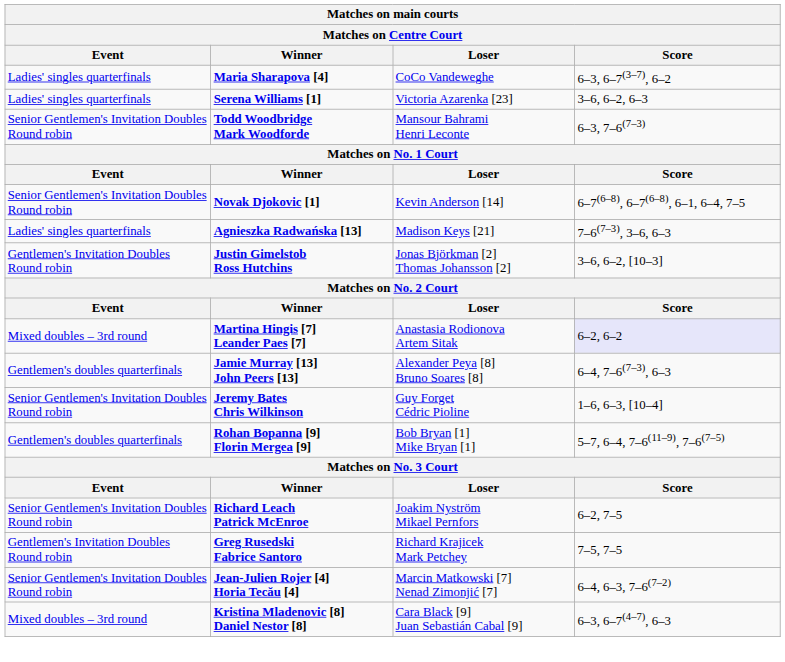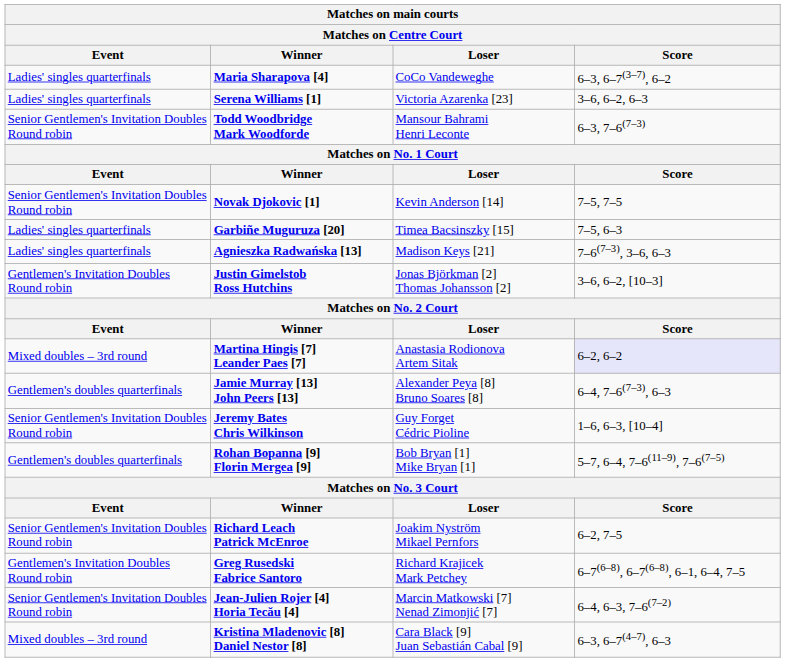 <table class="wikitable collapsible uncollapsed" style="margin:auto;">
 <tr>
 <th colspan="4" style="white-space:nowrap;">Matches on main courts</th>
 </tr>
 <tr>
 <th colspan="4"><strong>Matches on <a href='#'>Centre Court</a></strong></th>
 </tr>
 <tr>
 <th width=250>Event</th>
 <th width=220>Winner</th>
 <th width=220>Loser</th>
 <th width=250>Score</th>
 </tr>
 <tr>
 <td><a href='#'>Ladies' singles quarterfinals</a></td>
 <td><strong> <a href='#'>Maria Sharapova</a> [4]</strong></td>
 <td> <a href='#'>CoCo Vandeweghe</a></td>
 <td>6–3, 6–7<sup>(3–7)</sup>, 6–2</td>
 </tr>
 <tr>
 <td><a href='#'>Ladies' singles quarterfinals</a></td>
 <td><strong> <a href='#'>Serena Williams</a> [1]</strong></td>
 <td> <a href='#'>Victoria Azarenka</a> [23]</td>
 <td>3–6, 6–2, 6–3</td>
 </tr>
 <tr>
 <td><a href='#'>Senior Gentlemen's Invitation Doubles<br> Round robin</a></td>
 <td><strong> <a href='#'>Todd Woodbridge</a> <br>  <a href='#'>Mark Woodforde</a></strong></td>
 <td> <a href='#'>Mansour Bahrami</a> <br>  <a href='#'>Henri Leconte</a></td>
 <td>6–3, 7–6<sup>(7–3)</sup></td>
 </tr>
 <tr>
 <th colspan="4"><strong>Matches on <a href='#'>No. 1 Court</a></strong></th>
 </tr>
 <tr>
 <th width=250>Event</th>
 <th width=220>Winner</th>
 <th width=220>Loser</th>
 <th width=250>Score</th>
 </tr>
 <tr>
 <td><a href='#'>Senior Gentlemen's Invitation Doubles<br> Round robin</a></td>
 <td><strong> <a href='#'>Novak Djokovic</a> [1]</strong></td>
 <td> <a href='#'>Kevin Anderson</a> [14]</td>
-<td>6–7<sup>(6–8)</sup>, 6–7<sup>(6–8)</sup>, 6–1, 6–4, 7–5</td>
+<td>7–5, 7–5</td>
+</tr>
+<tr>
+<td><a href='#'>Ladies' singles quarterfinals</a></td>
+<td><strong> <a href='#'>Garbiñe Muguruza</a> [20]</strong></td>
+<td> <a href='#'>Timea Bacsinszky</a> [15]</td>
+<td>7–5, 6–3</td>
 </tr>
 <tr>
 <td><a href='#'>Ladies' singles quarterfinals</a></td>
 <td><strong> <a href='#'>Agnieszka Radwańska</a> [13]</strong></td>
 <td> <a href='#'>Madison Keys</a> [21]</td>
 <td>7–6<sup>(7–3)</sup>, 3–6, 6–3</td>
 </tr>
 <tr>
 <td><a href='#'>Gentlemen's Invitation Doubles<br> Round robin</a></td>
 <td><strong> <a href='#'>Justin Gimelstob</a> <br>  <a href='#'>Ross Hutchins</a></strong></td>
 <td> <a href='#'>Jonas Björkman</a> [2] <br>  <a href='#'>Thomas Johansson</a> [2]</td>
 <td>3–6, 6–2, [10–3]</td>
 </tr>
 <tr>
 <th colspan="4"><strong>Matches on <a href='#'>No. 2 Court</a></strong></th>
 </tr>
 <tr>
 <th width=250>Event</th>
 <th width=220>Winner</th>
 <th width=220>Loser</th>
 <th width=250>Score</th>
 </tr>
 <tr>
 <td><a href='#'>Mixed doubles – 3rd round</a></td>
 <td><strong> <a href='#'>Martina Hingis</a> [7] <br>  <a href='#'>Leander Paes</a> [7]</strong></td>
 <td> <a href='#'>Anastasia Rodionova</a> <br>  <a href='#'>Artem Sitak</a></td>
 <td style="background: lavender;">6–2, 6–2</td>
 </tr>
 <tr>
 <td><a href='#'>Gentlemen's doubles  quarterfinals</a></td>
 <td><strong> <a href='#'>Jamie Murray</a> [13] <br>  <a href='#'>John Peers</a> [13]</strong></td>
 <td> <a href='#'>Alexander Peya</a> [8] <br>  <a href='#'>Bruno Soares</a> [8]</td>
 <td>6–4, 7–6<sup>(7–3)</sup>, 6–3</td>
 </tr>
 <tr>
 <td><a href='#'>Senior Gentlemen's Invitation Doubles<br> Round robin</a></td>
 <td><strong> <a href='#'>Jeremy Bates</a> <br>  <a href='#'>Chris Wilkinson</a></strong></td>
 <td> <a href='#'>Guy Forget</a> <br>  <a href='#'>Cédric Pioline</a></td>
 <td>1–6, 6–3, [10–4]</td>
 </tr>
 <tr>
 <td><a href='#'>Gentlemen's doubles quarterfinals</a></td>
 <td><strong> <a href='#'>Rohan Bopanna</a> [9] <br>  <a href='#'>Florin Mergea</a> [9]</strong></td>
 <td> <a href='#'>Bob Bryan</a> [1] <br>  <a href='#'>Mike Bryan</a> [1]</td>
 <td>5–7, 6–4, 7–6<sup>(11–9)</sup>, 7–6<sup>(7–5)</sup></td>
 </tr>
 <tr>
 <th colspan="4"><strong>Matches on <a href='#'>No. 3 Court</a></strong></th>
 </tr>
 <tr>
 <th width=250>Event</th>
 <th width=220>Winner</th>
 <th width=220>Loser</th>
 <th width=250>Score</th>
 </tr>
 <tr>
 <td><a href='#'>Senior Gentlemen's Invitation Doubles<br> Round robin</a></td>
 <td><strong> <a href='#'>Richard Leach</a> <br>  <a href='#'>Patrick McEnroe</a></strong></td>
 <td> <a href='#'>Joakim Nyström</a> <br>  <a href='#'>Mikael Pernfors</a></td>
 <td>6–2, 7–5</td>
 </tr>
 <tr>
 <td><a href='#'>Gentlemen's Invitation Doubles<br> Round robin</a></td>
 <td><strong> <a href='#'>Greg Rusedski</a> <br>  <a href='#'>Fabrice Santoro</a></strong></td>
 <td> <a href='#'>Richard Krajicek</a> <br>  <a href='#'>Mark Petchey</a></td>
-<td>7–5, 7–5</td>
+<td>6–7<sup>(6–8)</sup>, 6–7<sup>(6–8)</sup>, 6–1, 6–4, 7–5</td>
 </tr>
 <tr>
 <td><a href='#'>Senior Gentlemen's Invitation Doubles<br> Round robin</a></td>
 <td><strong> <a href='#'>Jean-Julien Rojer</a> [4] <br>  <a href='#'>Horia Tecău</a> [4]</strong></td>
 <td> <a href='#'>Marcin Matkowski</a> [7] <br>  <a href='#'>Nenad Zimonjić</a> [7]</td>
 <td>6–4, 6–3, 7–6<sup>(7–2)</sup></td>
 </tr>
 <tr>
 <td><a href='#'>Mixed doubles – 3rd round</a></td>
 <td><strong> <a href='#'>Kristina Mladenovic</a> [8] <br>  <a href='#'>Daniel Nestor</a> [8]</strong></td>
 <td> <a href='#'>Cara Black</a> [9] <br>  <a href='#'>Juan Sebastián Cabal</a> [9]</td>
 <td>6–3, 6–7<sup>(4–7)</sup>, 6–3</td>
 </tr>
 </table>
